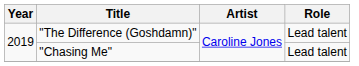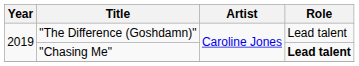 <table class="wikitable sortable">
 <tr>
 <th>Year</th>
 <th>Title</th>
 <th>Artist</th>
 <th>Role</th>
 </tr>
 <tr>
 <td rowspan="2">2019</td>
 <td>"The Difference (Goshdamn)"</td>
 <td rowspan="2"><a href='#'>Caroline Jones</a></td>
 <td>Lead talent</td>
 </tr>
 <tr>
 <td>"Chasing Me"</td>
-<td>Lead talent</td>
+<td><strong>Lead talent</strong></td>
 </tr>
 <tr>
 </tr>
 </table>
